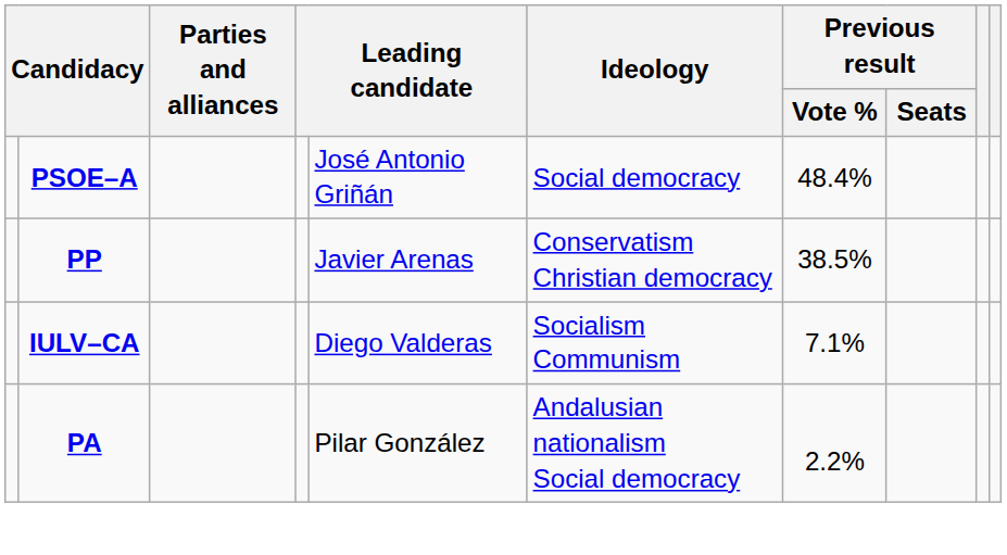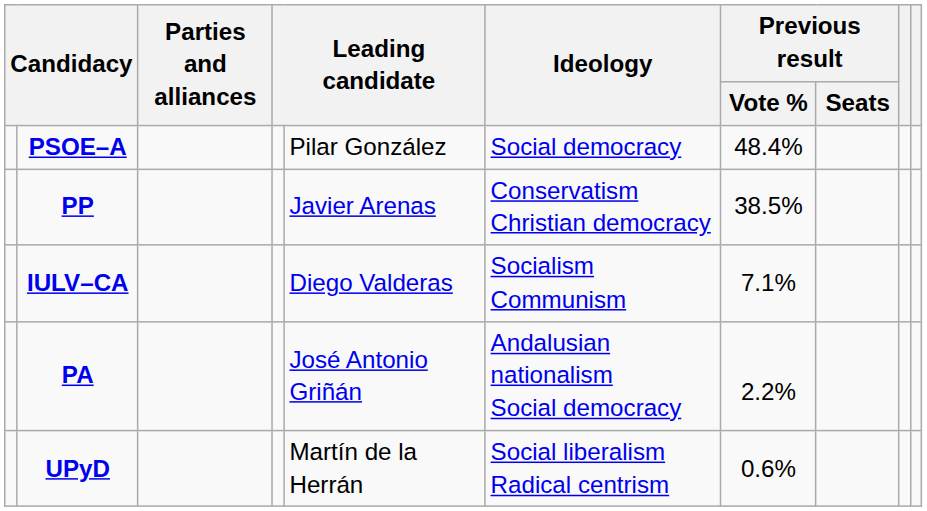 <table class="wikitable" style="line-height:1.35em; text-align:left;">
 <tr>
 <th colspan="2" rowspan="2">Candidacy</th>
 <th rowspan="2">Parties and<br>alliances</th>
 <th colspan="2" rowspan="2">Leading candidate</th>
 <th rowspan="2">Ideology</th>
 <th colspan="2">Previous result</th>
 <th rowspan="2"></th>
 <th rowspan="2"></th>
 </tr>
 <tr>
 <th>Vote %</th>
 <th>Seats</th>
 </tr>
 <tr>
 <td width="1" style="color:inherit;background:"></td>
 <td align="center"><strong><a href='#'>PSOE–A</a></strong></td>
 <td></td>
 <td></td>
-<td><a href='#'>José Antonio Griñán</a></td>
+<td>Pilar González</td>
 <td><a href='#'>Social democracy</a></td>
 <td align="center">48.4%</td>
 <td></td>
 <td></td>
 <td><br></td>
 </tr>
 <tr>
 <td style="color:inherit;background:"></td>
 <td align="center"><strong><a href='#'>PP</a></strong></td>
 <td></td>
 <td></td>
 <td><a href='#'>Javier Arenas</a></td>
 <td><a href='#'>Conservatism</a><br><a href='#'>Christian democracy</a></td>
 <td align="center">38.5%</td>
 <td></td>
 <td></td>
 <td><br></td>
 </tr>
 <tr>
 <td style="color:inherit;background:"></td>
 <td align="center"><strong><a href='#'>IULV–CA</a></strong></td>
 <td></td>
 <td></td>
 <td><a href='#'>Diego Valderas</a></td>
 <td><a href='#'>Socialism</a><br><a href='#'>Communism</a></td>
 <td align="center">7.1%</td>
 <td></td>
 <td></td>
 <td></td>
 </tr>
 <tr>
 <td style="color:inherit;background:"></td>
 <td align="center"><strong><a href='#'>PA</a></strong></td>
 <td></td>
 <td></td>
-<td>Pilar González</td>
+<td><a href='#'>José Antonio Griñán</a></td>
 <td><a href='#'>Andalusian nationalism</a><br><a href='#'>Social democracy</a></td>
 <td align="center"><br>2.2%<br></td>
 <td></td>
 <td></td>
 <td></td>
 </tr>
+<tr>
+<td style="color:inherit;background:"></td>
+<td align="center"><strong><a href='#'>UPyD</a></strong></td>
+<td></td>
+<td></td>
+<td>Martín de la Herrán</td>
+<td><a href='#'>Social liberalism</a><br><a href='#'>Radical centrism</a></td>
+<td align="center">0.6%</td>
+<td></td>
+<td></td>
+<td></td>
+</tr>
 </table>
